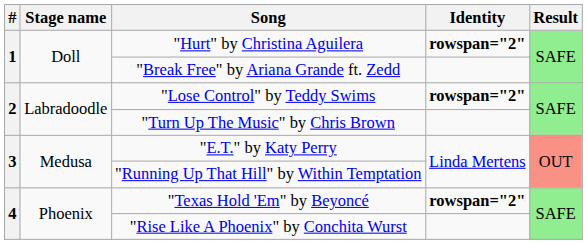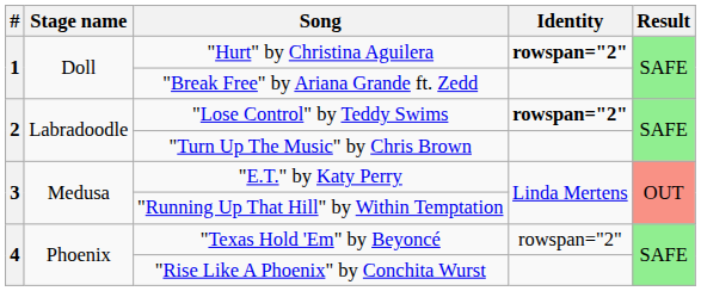 <table class="wikitable plainrowheaders" style="text-align: center;">
 <tr>
 <th>#</th>
 <th>Stage name</th>
 <th>Song</th>
 <th>Identity</th>
 <th>Result</th>
 </tr>
 <tr>
 <th rowspan="2">1</th>
 <td rowspan="2">Doll</td>
 <td>"<a href='#'>Hurt</a>" by <a href='#'>Christina Aguilera</a></td>
 <td><strong>rowspan="2" </strong></td>
 <td rowspan="2" bgcolor=lightgreen>SAFE</td>
 </tr>
 <tr>
 <td>"<a href='#'>Break Free</a>" by <a href='#'>Ariana Grande</a> ft. <a href='#'>Zedd</a></td>
 </tr>
 <tr>
 <th rowspan="2">2</th>
 <td rowspan="2">Labradoodle</td>
 <td>"<a href='#'>Lose Control</a>" by <a href='#'>Teddy Swims</a></td>
 <td><strong>rowspan="2" </strong></td>
 <td rowspan="2" bgcolor=lightgreen>SAFE</td>
 </tr>
 <tr>
 <td>"<a href='#'>Turn Up The Music</a>" by <a href='#'>Chris Brown</a></td>
 </tr>
 <tr>
 <th rowspan="2">3</th>
 <td rowspan="2">Medusa</td>
 <td>"<a href='#'>E.T.</a>" by <a href='#'>Katy Perry</a></td>
 <td rowspan="2"><a href='#'>Linda Mertens</a></td>
 <td rowspan="2" bgcolor="#F99185">OUT</td>
 </tr>
 <tr>
 <td>"<a href='#'>Running Up That Hill</a>" by <a href='#'>Within Temptation</a></td>
 </tr>
 <tr>
 <th rowspan="2">4</th>
 <td rowspan="2">Phoenix</td>
 <td>"<a href='#'>Texas Hold 'Em</a>" by <a href='#'>Beyoncé</a></td>
-<td><strong>rowspan="2" </strong></td>
+<td>rowspan="2" </td>
 <td rowspan="2" bgcolor=lightgreen>SAFE</td>
 </tr>
 <tr>
 <td>"<a href='#'>Rise Like A Phoenix</a>" by <a href='#'>Conchita Wurst</a></td>
 </tr>
 </table>
